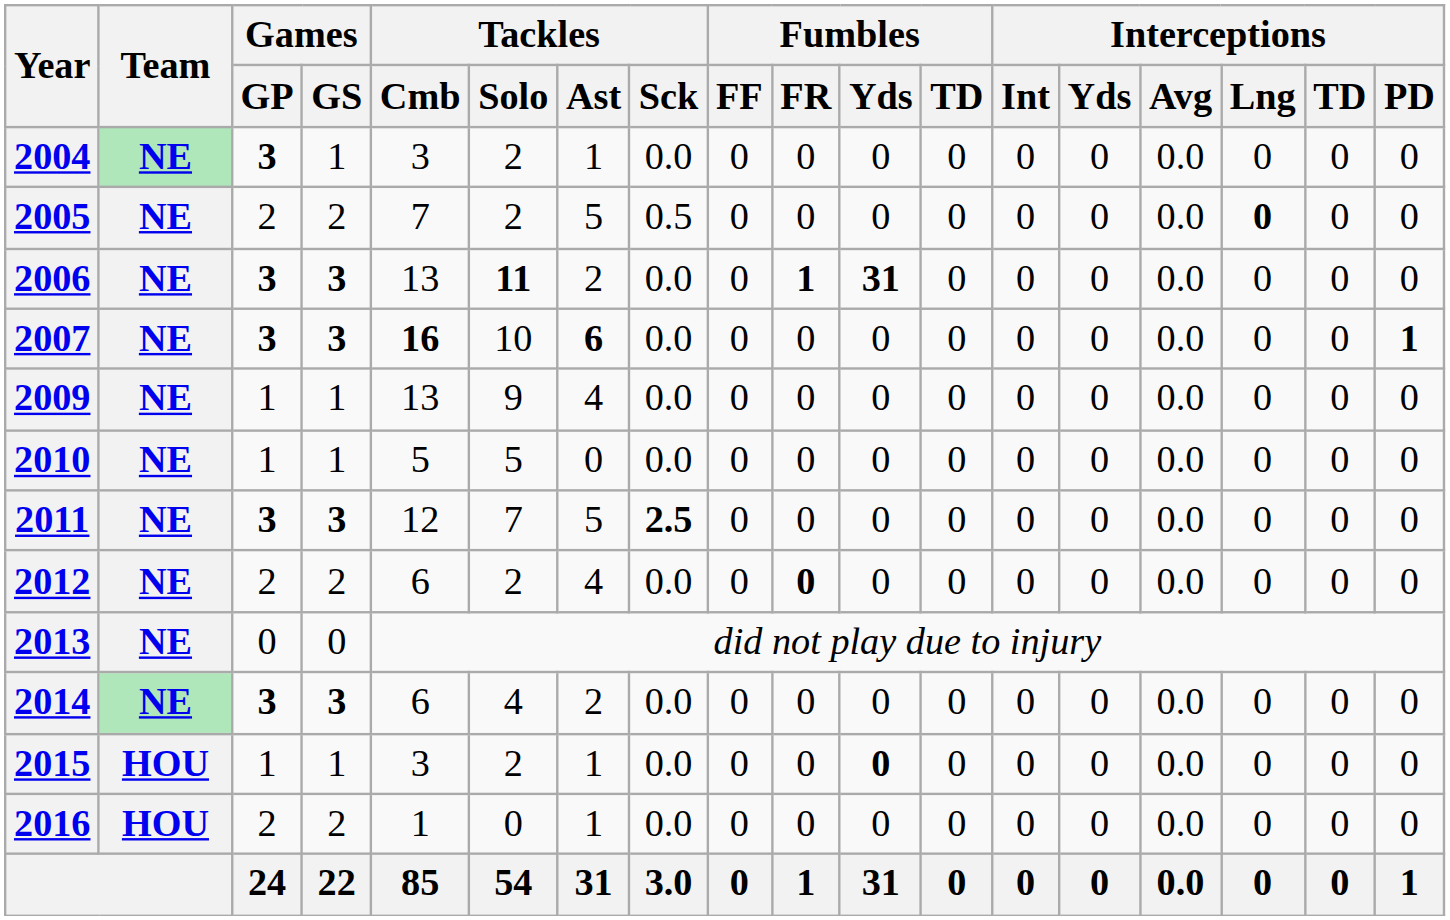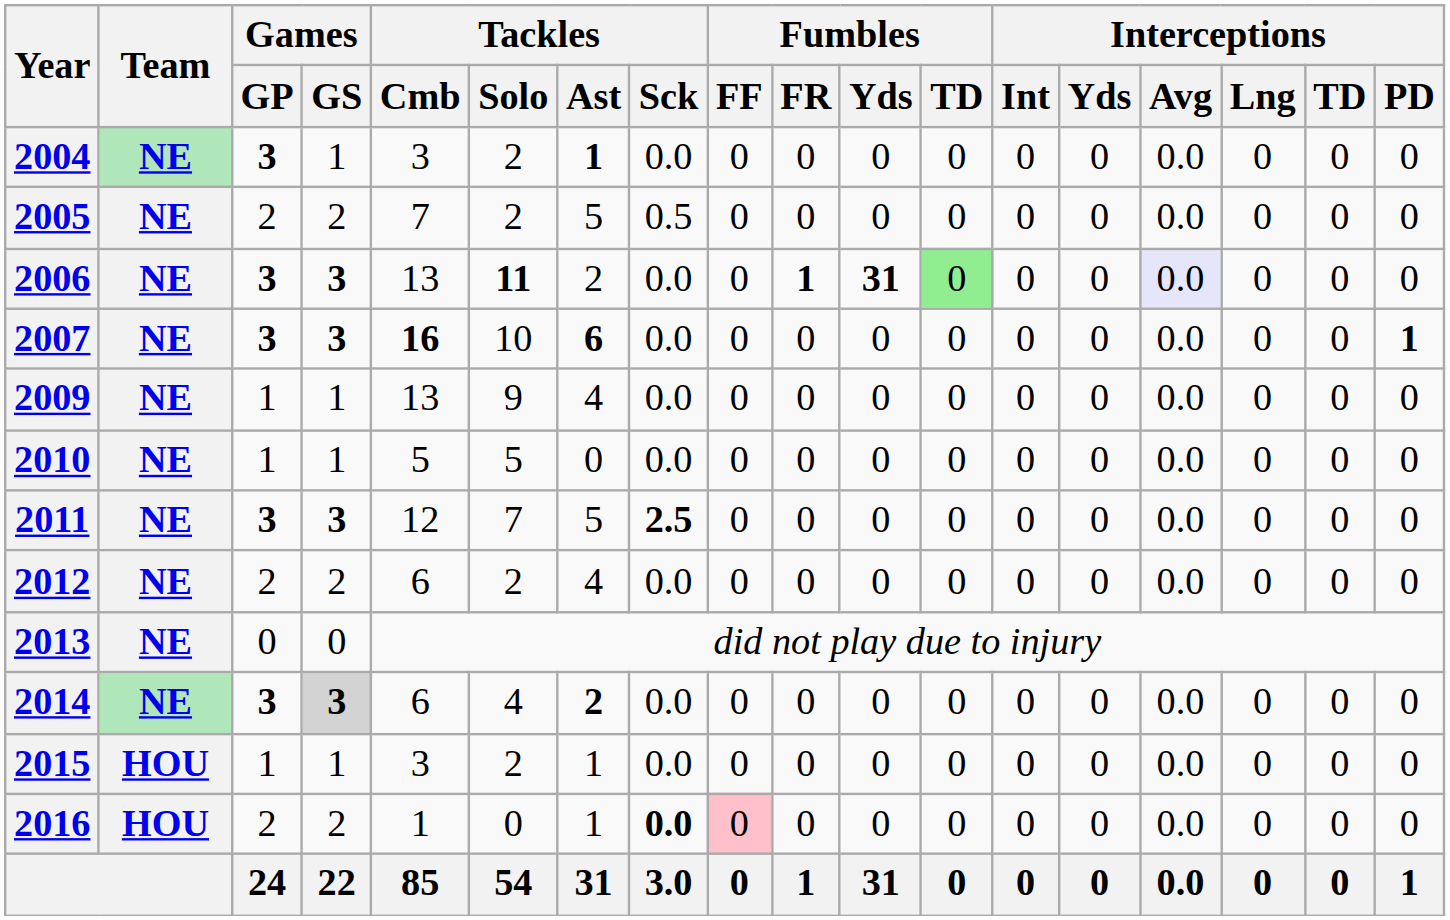 <table class=wikitable style="text-align:center;">
 <tr>
 <th rowspan="2">Year</th>
 <th rowspan="2">Team</th>
 <th colspan="2">Games</th>
 <th colspan="4">Tackles</th>
 <th colspan="4">Fumbles</th>
 <th colspan="6">Interceptions</th>
 </tr>
 <tr>
 <th>GP</th>
 <th>GS</th>
 <th>Cmb</th>
 <th>Solo</th>
 <th>Ast</th>
 <th>Sck</th>
 <th>FF</th>
 <th>FR</th>
 <th>Yds</th>
 <th>TD</th>
 <th>Int</th>
 <th>Yds</th>
 <th>Avg</th>
 <th>Lng</th>
 <th>TD</th>
 <th>PD</th>
 </tr>
 <tr>
 <th><a href='#'>2004</a></th>
 <th style="background:#afe6ba; width:3em;"><a href='#'>NE</a></th>
 <td><strong>3</strong></td>
 <td>1</td>
 <td>3</td>
 <td>2</td>
-<td>1</td>
+<td><strong>1</strong></td>
 <td>0.0</td>
 <td>0</td>
 <td>0</td>
 <td>0</td>
 <td>0</td>
 <td>0</td>
 <td>0</td>
 <td>0.0</td>
 <td>0</td>
 <td>0</td>
 <td>0</td>
 </tr>
 <tr>
 <th><a href='#'>2005</a></th>
 <th><a href='#'>NE</a></th>
 <td>2</td>
 <td>2</td>
 <td>7</td>
 <td>2</td>
 <td>5</td>
 <td>0.5</td>
 <td>0</td>
 <td>0</td>
 <td>0</td>
 <td>0</td>
 <td>0</td>
 <td>0</td>
 <td>0.0</td>
-<td><strong>0</strong></td>
+<td>0</td>
 <td>0</td>
 <td>0</td>
 </tr>
 <tr>
 <th><a href='#'>2006</a></th>
 <th><a href='#'>NE</a></th>
 <td><strong>3</strong></td>
 <td><strong>3</strong></td>
 <td>13</td>
 <td><strong>11</strong></td>
 <td>2</td>
 <td>0.0</td>
 <td>0</td>
 <td><strong>1</strong></td>
 <td><strong>31</strong></td>
+<td style="background: lightgreen;">0</td>
 <td>0</td>
 <td>0</td>
-<td>0</td>
-<td>0.0</td>
+<td style="background: lavender;">0.0</td>
 <td>0</td>
 <td>0</td>
 <td>0</td>
 </tr>
 <tr>
 <th><a href='#'>2007</a></th>
 <th><a href='#'>NE</a></th>
 <td><strong>3</strong></td>
 <td><strong>3</strong></td>
 <td><strong>16</strong></td>
 <td>10</td>
 <td><strong>6</strong></td>
 <td>0.0</td>
 <td>0</td>
 <td>0</td>
 <td>0</td>
 <td>0</td>
 <td>0</td>
 <td>0</td>
 <td>0.0</td>
 <td>0</td>
 <td>0</td>
 <td><strong>1</strong></td>
 </tr>
 <tr>
 <th><a href='#'>2009</a></th>
 <th><a href='#'>NE</a></th>
 <td>1</td>
 <td>1</td>
 <td>13</td>
 <td>9</td>
 <td>4</td>
 <td>0.0</td>
 <td>0</td>
 <td>0</td>
 <td>0</td>
 <td>0</td>
 <td>0</td>
 <td>0</td>
 <td>0.0</td>
 <td>0</td>
 <td>0</td>
 <td>0</td>
 </tr>
 <tr>
 <th><a href='#'>2010</a></th>
 <th><a href='#'>NE</a></th>
 <td>1</td>
 <td>1</td>
 <td>5</td>
 <td>5</td>
 <td>0</td>
 <td>0.0</td>
 <td>0</td>
 <td>0</td>
 <td>0</td>
 <td>0</td>
 <td>0</td>
 <td>0</td>
 <td>0.0</td>
 <td>0</td>
 <td>0</td>
 <td>0</td>
 </tr>
 <tr>
 <th><a href='#'>2011</a></th>
 <th><a href='#'>NE</a></th>
 <td><strong>3</strong></td>
 <td><strong>3</strong></td>
 <td>12</td>
 <td>7</td>
 <td>5</td>
 <td><strong>2.5</strong></td>
 <td>0</td>
 <td>0</td>
 <td>0</td>
 <td>0</td>
 <td>0</td>
 <td>0</td>
 <td>0.0</td>
 <td>0</td>
 <td>0</td>
 <td>0</td>
 </tr>
 <tr>
 <th><a href='#'>2012</a></th>
 <th><a href='#'>NE</a></th>
 <td>2</td>
 <td>2</td>
 <td>6</td>
 <td>2</td>
 <td>4</td>
 <td>0.0</td>
 <td>0</td>
-<td><strong>0</strong></td>
+<td>0</td>
 <td>0</td>
 <td>0</td>
 <td>0</td>
 <td>0</td>
 <td>0.0</td>
 <td>0</td>
 <td>0</td>
 <td>0</td>
 </tr>
 <tr>
 <th><a href='#'>2013</a></th>
 <th><a href='#'>NE</a></th>
 <td>0</td>
 <td>0</td>
 <td colspan="14"><em>did not play due to injury</em></td>
 </tr>
 <tr>
 <th><a href='#'>2014</a></th>
 <th style="background:#afe6ba; width:3em;"><a href='#'>NE</a></th>
 <td><strong>3</strong></td>
-<td><strong>3</strong></td>
+<td style="background: lightgrey;"><strong>3</strong></td>
 <td>6</td>
 <td>4</td>
-<td>2</td>
+<td><strong>2</strong></td>
 <td>0.0</td>
 <td>0</td>
 <td>0</td>
 <td>0</td>
 <td>0</td>
 <td>0</td>
 <td>0</td>
 <td>0.0</td>
 <td>0</td>
 <td>0</td>
 <td>0</td>
 </tr>
 <tr>
 <th><a href='#'>2015</a></th>
 <th><a href='#'>HOU</a></th>
 <td>1</td>
 <td>1</td>
 <td>3</td>
 <td>2</td>
 <td>1</td>
 <td>0.0</td>
 <td>0</td>
 <td>0</td>
-<td><strong>0</strong></td>
+<td>0</td>
 <td>0</td>
 <td>0</td>
 <td>0</td>
 <td>0.0</td>
 <td>0</td>
 <td>0</td>
 <td>0</td>
 </tr>
 <tr>
 <th><a href='#'>2016</a></th>
 <th><a href='#'>HOU</a></th>
 <td>2</td>
 <td>2</td>
 <td>1</td>
 <td>0</td>
 <td>1</td>
-<td>0.0</td>
-<td>0</td>
+<td><strong>0.0</strong></td>
+<td style="background: pink;">0</td>
 <td>0</td>
 <td>0</td>
 <td>0</td>
 <td>0</td>
 <td>0</td>
 <td>0.0</td>
 <td>0</td>
 <td>0</td>
 <td>0</td>
 </tr>
 <tr>
 <th colspan="2"></th>
 <th>24</th>
 <th>22</th>
 <th>85</th>
 <th>54</th>
 <th>31</th>
 <th>3.0</th>
 <th>0</th>
 <th>1</th>
 <th>31</th>
 <th>0</th>
 <th>0</th>
 <th>0</th>
 <th>0.0</th>
 <th>0</th>
 <th>0</th>
 <th>1</th>
 </tr>
 </table>
